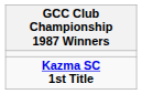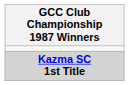 <table class="wikitable" style="text-align: center; margin: 0 auto; width: 20%">
 <tr>
 <th>GCC Club Championship <br>1987 Winners</th>
 </tr>
 <tr>
 <td></td>
 </tr>
 <tr>
-<td><strong><a href='#'>Kazma SC</a></strong><br><strong>1st Title</strong></td>
+<td style="background: lightgrey;"><strong><a href='#'>Kazma SC</a></strong><br><strong>1st Title</strong></td>
 </tr>
 </table>
